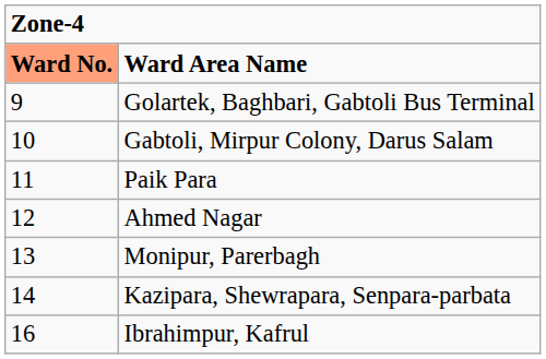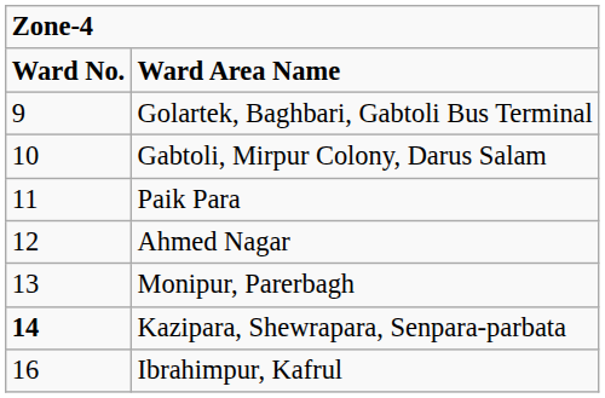 <table class="wikitable">
 <tr>
 <td colspan="2"><strong>Zone-4</strong></td>
 </tr>
 <tr>
-<td style="background: lightsalmon;"><strong>Ward No.</strong></td>
+<td><strong>Ward No.</strong></td>
 <td><strong>Ward Area  Name</strong></td>
 </tr>
 <tr>
 <td>9</td>
 <td>Golartek,  Baghbari, Gabtoli Bus Terminal</td>
 </tr>
 <tr>
 <td>10</td>
 <td>Gabtoli,  Mirpur Colony, Darus Salam</td>
 </tr>
 <tr>
 <td>11</td>
 <td>Paik Para</td>
 </tr>
 <tr>
 <td>12</td>
 <td>Ahmed Nagar</td>
 </tr>
 <tr>
 <td>13</td>
 <td>Monipur,  Parerbagh</td>
 </tr>
 <tr>
-<td>14</td>
+<td><strong>14</strong></td>
 <td>Kazipara, Shewrapara,  Senpara-parbata</td>
 </tr>
 <tr>
 <td>16</td>
 <td>Ibrahimpur, Kafrul</td>
 </tr>
 </table>
